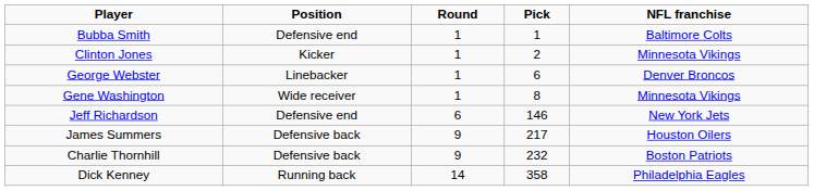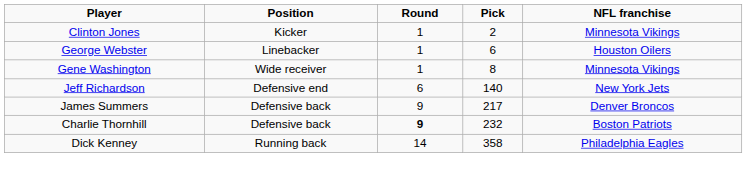 <table class="wikitable" style="width:80%;">
 <tr align="center">
 <td><strong>Player</strong></td>
 <td><strong>Position</strong></td>
 <td><strong>Round</strong></td>
 <td><strong>Pick</strong></td>
 <td><strong>NFL franchise</strong></td>
-</tr>
-<tr style="text-align:center;" bgcolor="">
-<td><a href='#'>Bubba Smith</a></td>
-<td>Defensive end</td>
-<td>1</td>
-<td>1</td>
-<td><a href='#'>Baltimore Colts</a></td>
 </tr>
 <tr style="text-align:center;" bgcolor="">
 <td><a href='#'>Clinton Jones</a></td>
 <td>Kicker</td>
 <td>1</td>
 <td>2</td>
 <td><a href='#'>Minnesota Vikings</a></td>
 </tr>
 <tr style="text-align:center;" bgcolor="">
 <td><a href='#'>George Webster</a></td>
 <td>Linebacker</td>
 <td>1</td>
 <td>6</td>
-<td><a href='#'>Denver Broncos</a></td>
+<td><a href='#'>Houston Oilers</a></td>
 </tr>
 <tr style="text-align:center;" bgcolor="">
 <td><a href='#'>Gene Washington</a></td>
 <td>Wide receiver</td>
 <td>1</td>
 <td>8</td>
 <td><a href='#'>Minnesota Vikings</a></td>
 </tr>
 <tr style="text-align:center;" bgcolor="">
 <td><a href='#'>Jeff Richardson</a></td>
 <td>Defensive end</td>
 <td>6</td>
-<td>146</td>
+<td>140</td>
 <td><a href='#'>New York Jets</a></td>
 </tr>
 <tr style="text-align:center;" bgcolor="">
 <td>James Summers</td>
 <td>Defensive back</td>
 <td>9</td>
 <td>217</td>
-<td><a href='#'>Houston Oilers</a></td>
+<td><a href='#'>Denver Broncos</a></td>
 </tr>
 <tr style="text-align:center;" bgcolor="">
 <td>Charlie Thornhill</td>
 <td>Defensive back</td>
-<td>9</td>
+<td><strong>9</strong></td>
 <td>232</td>
 <td><a href='#'>Boston Patriots</a></td>
 </tr>
 <tr style="text-align:center;" bgcolor="">
 <td>Dick Kenney</td>
 <td>Running back</td>
 <td>14</td>
 <td>358</td>
 <td><a href='#'>Philadelphia Eagles</a></td>
 </tr>
 </table>
